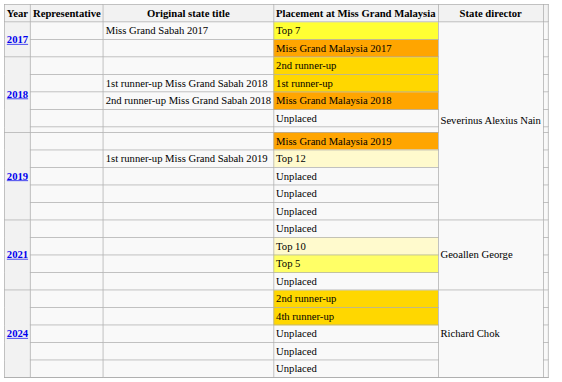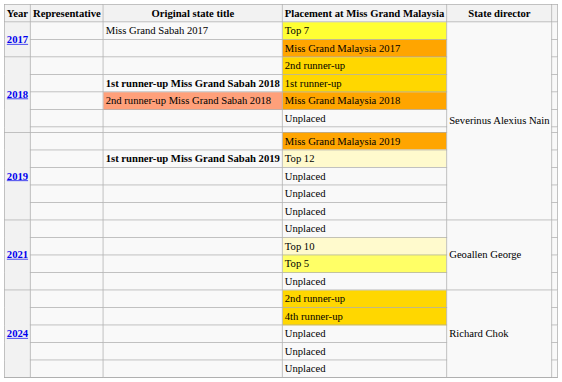 <table class="wikitable defaultcenter col2left" style="font-size:95%;">
 <tr>
 <th>Year</th>
 <th>Representative</th>
 <th>Original state title</th>
 <th>Placement at Miss Grand Malaysia</th>
 <th>State director</th>
 <th></th>
 </tr>
 <tr>
 <th rowspan=2><a href='#'>2017</a></th>
 <td></td>
 <td>Miss Grand Sabah 2017</td>
 <td bgcolor=#FFFF33>Top 7</td>
 <td rowspan=12>Severinus Alexius Nain</td>
 <td></td>
 </tr>
 <tr>
 <td></td>
 <td></td>
 <td bgcolor=Orange>Miss Grand Malaysia 2017</td>
 <td></td>
 </tr>
 <tr>
 <th rowspan=5><a href='#'>2018</a></th>
 <td></td>
 <td></td>
 <td bgcolor=gold>2nd runner-up</td>
 <td></td>
 </tr>
 <tr>
 <td></td>
-<td>1st runner-up Miss Grand Sabah 2018</td>
+<td><strong>1st runner-up Miss Grand Sabah 2018</strong></td>
 <td bgcolor=gold>1st runner-up</td>
 <td></td>
 </tr>
 <tr>
 <td></td>
-<td>2nd runner-up Miss Grand Sabah 2018</td>
+<td style="background: lightsalmon;">2nd runner-up Miss Grand Sabah 2018</td>
 <td bgcolor=Orange>Miss Grand Malaysia 2018</td>
 <td></td>
 </tr>
 <tr>
 <td></td>
 <td></td>
 <td>Unplaced</td>
 <td></td>
 </tr>
 <tr>
 <td></td>
 <td></td>
 <td></td>
 <td></td>
 </tr>
 <tr>
 <th rowspan=5><a href='#'>2019</a></th>
 <td></td>
 <td></td>
 <td bgcolor=Orange>Miss Grand Malaysia 2019</td>
 <td></td>
 </tr>
 <tr>
 <td></td>
-<td>1st runner-up Miss Grand Sabah 2019</td>
+<td><strong>1st runner-up Miss Grand Sabah 2019</strong></td>
 <td bgcolor=#FFFACD>Top 12</td>
 <td></td>
 </tr>
 <tr>
 <td></td>
 <td></td>
 <td>Unplaced</td>
 <td></td>
 </tr>
 <tr>
 <td></td>
 <td></td>
 <td>Unplaced</td>
 <td></td>
 </tr>
 <tr>
 <td></td>
 <td></td>
 <td>Unplaced</td>
 <td></td>
 </tr>
 <tr>
 <th rowspan=4><a href='#'>2021</a></th>
 <td></td>
 <td></td>
 <td>Unplaced</td>
 <td rowspan=4>Geoallen George</td>
 <td></td>
 </tr>
 <tr>
 <td></td>
 <td></td>
 <td bgcolor=#FFFACD>Top 10</td>
 <td></td>
 </tr>
 <tr>
 <td></td>
 <td></td>
 <td bgcolor=#FFFF66>Top 5</td>
 <td></td>
 </tr>
 <tr>
 <td></td>
 <td></td>
 <td>Unplaced</td>
 <td></td>
 </tr>
 <tr>
 <th rowspan=5><a href='#'>2024</a></th>
 <td></td>
 <td></td>
 <td bgcolor=gold>2nd runner-up</td>
 <td rowspan=5>Richard Chok</td>
 <td></td>
 </tr>
 <tr>
 <td></td>
 <td></td>
 <td bgcolor=gold>4th runner-up</td>
 <td></td>
 </tr>
 <tr>
 <td></td>
 <td></td>
 <td>Unplaced</td>
 <td></td>
 </tr>
 <tr>
 <td></td>
 <td></td>
 <td>Unplaced</td>
 <td></td>
 </tr>
 <tr>
 <td></td>
 <td></td>
 <td>Unplaced</td>
 <td></td>
 </tr>
 <tr>
 </tr>
 </table>
